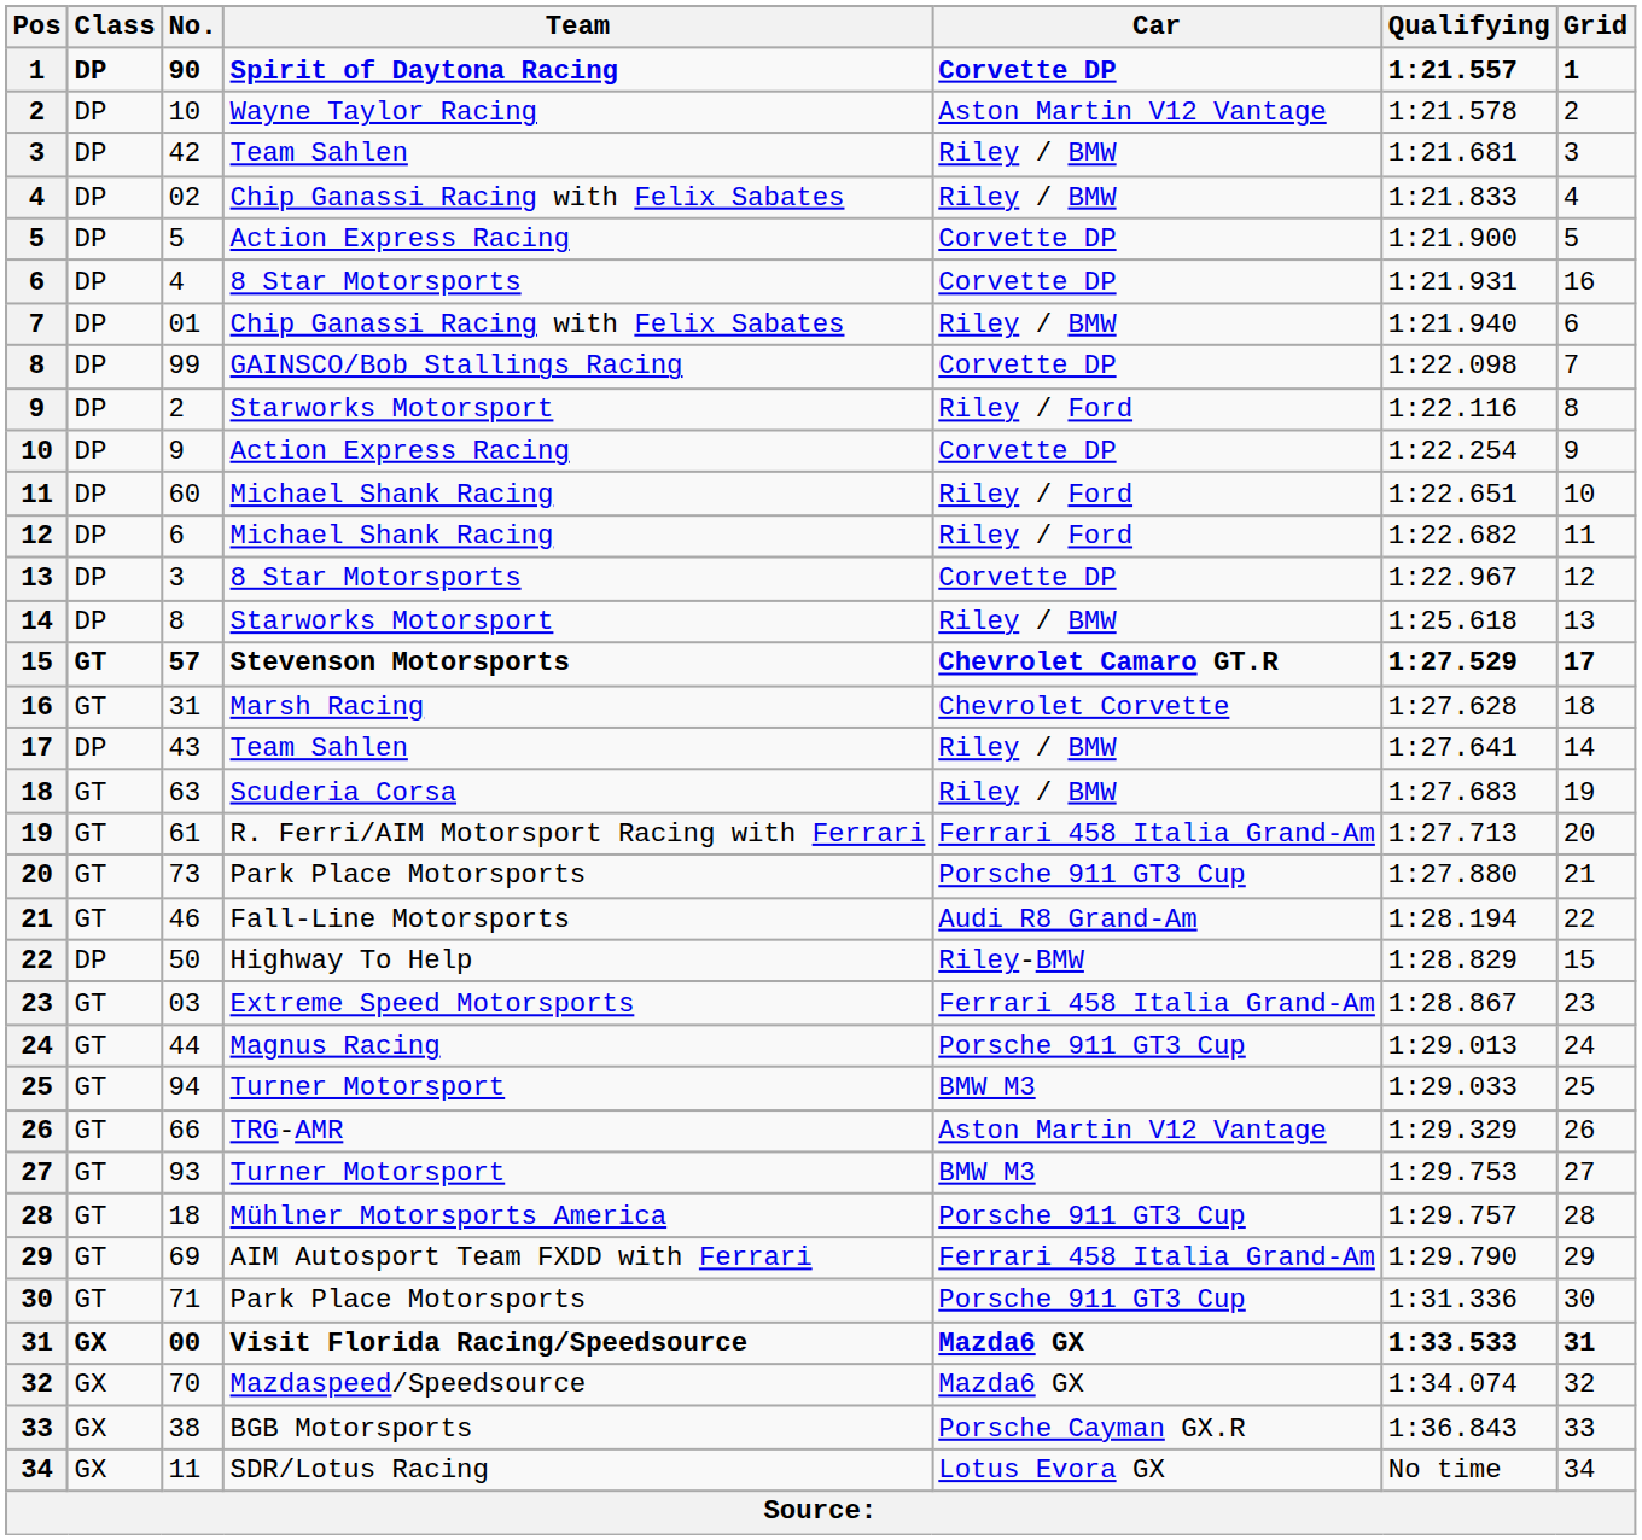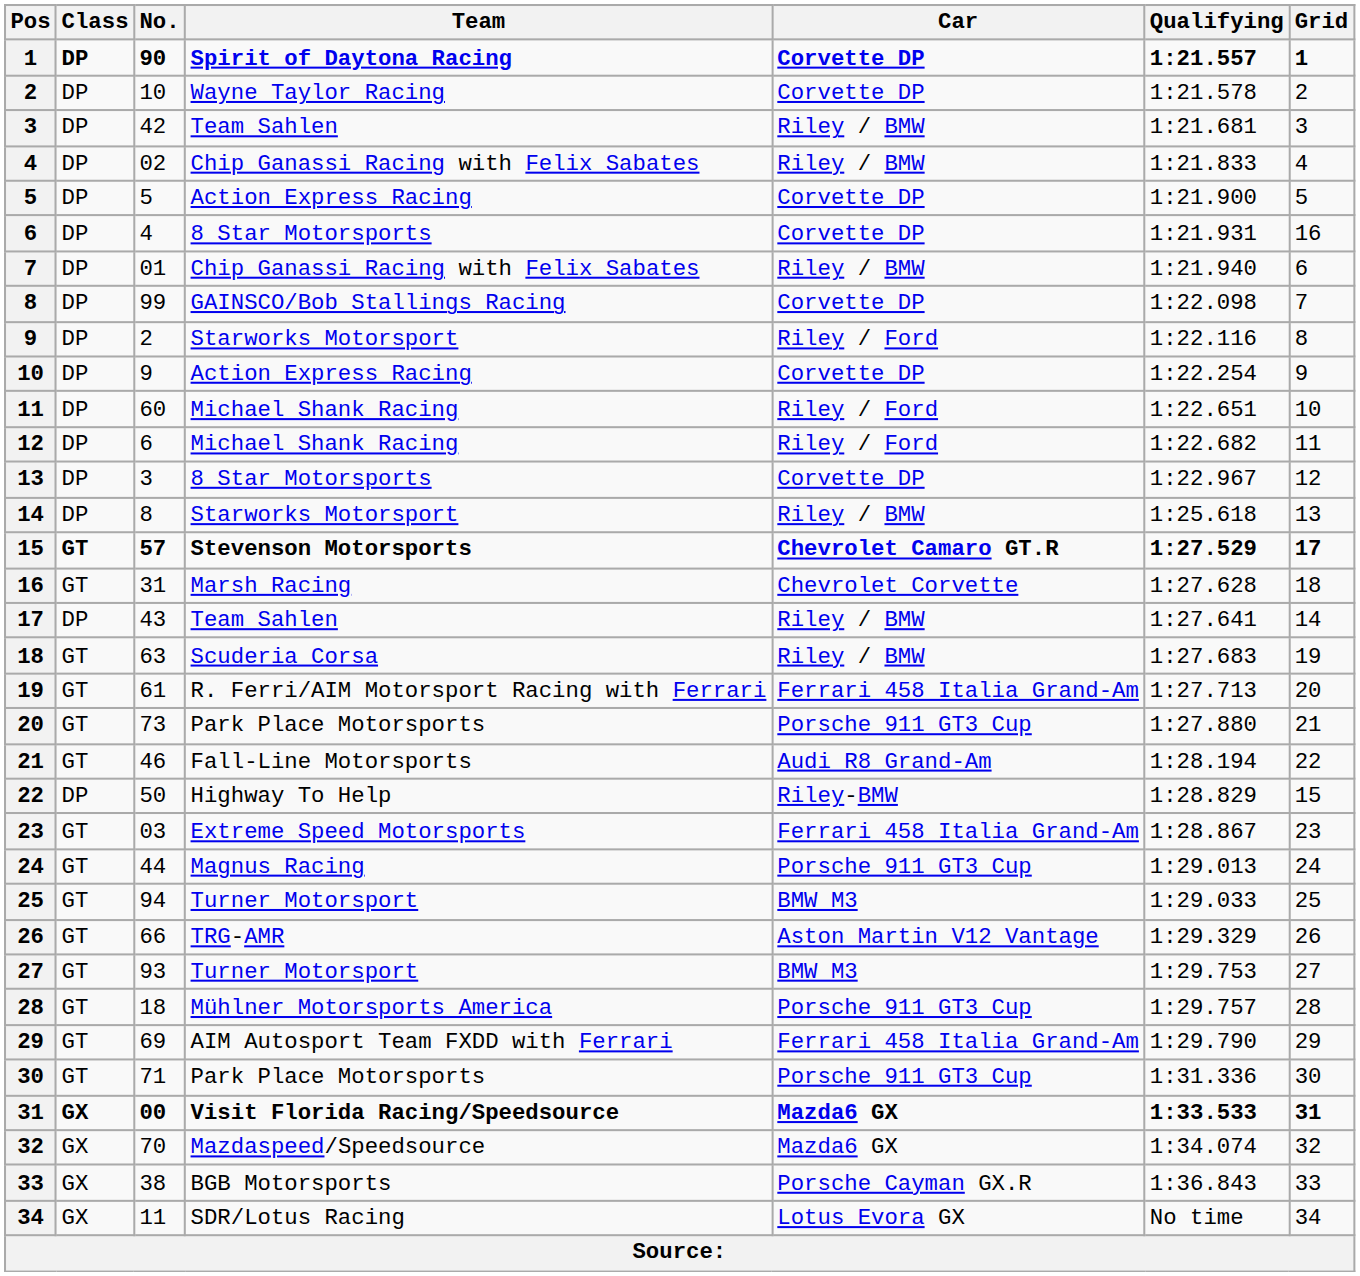 <table class="wikitable" style="font-size: 85%;">
 <tr>
 <th>Pos</th>
 <th>Class</th>
 <th>No.</th>
 <th>Team</th>
 <th>Car</th>
 <th>Qualifying</th>
 <th>Grid</th>
 </tr>
 <tr>
 <th>1</th>
 <td><strong>DP</strong></td>
 <td><strong>90</strong></td>
 <td><strong><a href='#'>Spirit of Daytona Racing</a></strong></td>
 <td><a href='#'><strong>Corvette DP</strong></a></td>
 <td><strong>1:21.557</strong></td>
 <td><strong>1</strong></td>
 </tr>
 <tr>
 <th>2</th>
 <td>DP</td>
 <td>10</td>
 <td><a href='#'>Wayne Taylor Racing</a></td>
-<td><a href='#'>Aston Martin V12 Vantage</a></td>
+<td><a href='#'>Corvette DP</a></td>
 <td>1:21.578</td>
 <td>2</td>
 </tr>
 <tr>
 <th>3</th>
 <td>DP</td>
 <td>42</td>
 <td><a href='#'>Team Sahlen</a></td>
 <td><a href='#'>Riley</a> / <a href='#'>BMW</a></td>
 <td>1:21.681</td>
 <td>3</td>
 </tr>
 <tr>
 <th>4</th>
 <td>DP</td>
 <td>02</td>
 <td><a href='#'>Chip Ganassi Racing</a> with <a href='#'>Felix Sabates</a></td>
 <td><a href='#'>Riley</a> / <a href='#'>BMW</a></td>
 <td>1:21.833</td>
 <td>4</td>
 </tr>
 <tr>
 <th>5</th>
 <td>DP</td>
 <td>5</td>
 <td><a href='#'>Action Express Racing</a></td>
 <td><a href='#'>Corvette DP</a></td>
 <td>1:21.900</td>
 <td>5</td>
 </tr>
 <tr>
 <th>6</th>
 <td>DP</td>
 <td>4</td>
 <td><a href='#'>8 Star Motorsports</a></td>
 <td><a href='#'>Corvette DP</a></td>
 <td>1:21.931</td>
 <td>16</td>
 </tr>
 <tr>
 <th>7</th>
 <td>DP</td>
 <td>01</td>
 <td><a href='#'>Chip Ganassi Racing</a> with <a href='#'>Felix Sabates</a></td>
 <td><a href='#'>Riley</a> / <a href='#'>BMW</a></td>
 <td>1:21.940</td>
 <td>6</td>
 </tr>
 <tr>
 <th>8</th>
 <td>DP</td>
 <td>99</td>
 <td><a href='#'>GAINSCO/Bob Stallings Racing</a></td>
 <td><a href='#'>Corvette DP</a></td>
 <td>1:22.098</td>
 <td>7</td>
 </tr>
 <tr>
 <th>9</th>
 <td>DP</td>
 <td>2</td>
 <td><a href='#'>Starworks Motorsport</a></td>
 <td><a href='#'>Riley</a> / <a href='#'>Ford</a></td>
 <td>1:22.116</td>
 <td>8</td>
 </tr>
 <tr>
 <th>10</th>
 <td>DP</td>
 <td>9</td>
 <td><a href='#'>Action Express Racing</a></td>
 <td><a href='#'>Corvette DP</a></td>
 <td>1:22.254</td>
 <td>9</td>
 </tr>
 <tr>
 <th>11</th>
 <td>DP</td>
 <td>60</td>
 <td><a href='#'>Michael Shank Racing</a></td>
 <td><a href='#'>Riley</a> / <a href='#'>Ford</a></td>
 <td>1:22.651</td>
 <td>10</td>
 </tr>
 <tr>
 <th>12</th>
 <td>DP</td>
 <td>6</td>
 <td><a href='#'>Michael Shank Racing</a></td>
 <td><a href='#'>Riley</a> / <a href='#'>Ford</a></td>
 <td>1:22.682</td>
 <td>11</td>
 </tr>
 <tr>
 <th>13</th>
 <td>DP</td>
 <td>3</td>
 <td><a href='#'>8 Star Motorsports</a></td>
 <td><a href='#'>Corvette DP</a></td>
 <td>1:22.967</td>
 <td>12</td>
 </tr>
 <tr>
 <th>14</th>
 <td>DP</td>
 <td>8</td>
 <td><a href='#'>Starworks Motorsport</a></td>
 <td><a href='#'>Riley</a> / <a href='#'>BMW</a></td>
 <td>1:25.618</td>
 <td>13</td>
 </tr>
 <tr>
 <th>15</th>
 <td><strong>GT</strong></td>
 <td><strong>57</strong></td>
 <td><strong>Stevenson Motorsports</strong></td>
 <td><strong><a href='#'>Chevrolet Camaro</a> GT.R</strong></td>
 <td><strong>1:27.529</strong></td>
 <td><strong>17</strong></td>
 </tr>
 <tr>
 <th>16</th>
 <td>GT</td>
 <td>31</td>
 <td><a href='#'>Marsh Racing</a></td>
 <td><a href='#'>Chevrolet Corvette</a></td>
 <td>1:27.628</td>
 <td>18</td>
 </tr>
 <tr>
 <th>17</th>
 <td>DP</td>
 <td>43</td>
 <td><a href='#'>Team Sahlen</a></td>
 <td><a href='#'>Riley</a> / <a href='#'>BMW</a></td>
 <td>1:27.641</td>
 <td>14</td>
 </tr>
 <tr>
 <th>18</th>
 <td>GT</td>
 <td>63</td>
 <td><a href='#'>Scuderia Corsa</a></td>
 <td><a href='#'>Riley</a> / <a href='#'>BMW</a></td>
 <td>1:27.683</td>
 <td>19</td>
 </tr>
 <tr>
 <th>19</th>
 <td>GT</td>
 <td>61</td>
 <td>R. Ferri/AIM Motorsport Racing with <a href='#'>Ferrari</a></td>
 <td><a href='#'>Ferrari 458 Italia Grand-Am</a></td>
 <td>1:27.713</td>
 <td>20</td>
 </tr>
 <tr>
 <th>20</th>
 <td>GT</td>
 <td>73</td>
 <td>Park Place Motorsports</td>
 <td><a href='#'>Porsche 911 GT3 Cup</a></td>
 <td>1:27.880</td>
 <td>21</td>
 </tr>
 <tr>
 <th>21</th>
 <td>GT</td>
 <td>46</td>
 <td>Fall-Line Motorsports</td>
 <td><a href='#'>Audi R8 Grand-Am</a></td>
 <td>1:28.194</td>
 <td>22</td>
 </tr>
 <tr>
 <th>22</th>
 <td>DP</td>
 <td>50</td>
 <td>Highway To Help</td>
 <td><a href='#'>Riley</a>-<a href='#'>BMW</a></td>
 <td>1:28.829</td>
 <td>15</td>
 </tr>
 <tr>
 <th>23</th>
 <td>GT</td>
 <td>03</td>
 <td><a href='#'>Extreme Speed Motorsports</a></td>
 <td><a href='#'>Ferrari 458 Italia Grand-Am</a></td>
 <td>1:28.867</td>
 <td>23</td>
 </tr>
 <tr>
 <th>24</th>
 <td>GT</td>
 <td>44</td>
 <td><a href='#'>Magnus Racing</a></td>
 <td><a href='#'>Porsche 911 GT3 Cup</a></td>
 <td>1:29.013</td>
 <td>24</td>
 </tr>
 <tr>
 <th>25</th>
 <td>GT</td>
 <td>94</td>
 <td><a href='#'>Turner Motorsport</a></td>
 <td><a href='#'>BMW M3</a></td>
 <td>1:29.033</td>
 <td>25</td>
 </tr>
 <tr>
 <th>26</th>
 <td>GT</td>
 <td>66</td>
 <td><a href='#'>TRG</a>-<a href='#'>AMR</a></td>
 <td><a href='#'>Aston Martin V12 Vantage</a></td>
 <td>1:29.329</td>
 <td>26</td>
 </tr>
 <tr>
 <th>27</th>
 <td>GT</td>
 <td>93</td>
 <td><a href='#'>Turner Motorsport</a></td>
 <td><a href='#'>BMW M3</a></td>
 <td>1:29.753</td>
 <td>27</td>
 </tr>
 <tr>
 <th>28</th>
 <td>GT</td>
 <td>18</td>
 <td><a href='#'>Mühlner Motorsports America</a></td>
 <td><a href='#'>Porsche 911 GT3 Cup</a></td>
 <td>1:29.757</td>
 <td>28</td>
 </tr>
 <tr>
 <th>29</th>
 <td>GT</td>
 <td>69</td>
 <td>AIM Autosport Team FXDD with <a href='#'>Ferrari</a></td>
 <td><a href='#'>Ferrari 458 Italia Grand-Am</a></td>
 <td>1:29.790</td>
 <td>29</td>
 </tr>
 <tr>
 <th>30</th>
 <td>GT</td>
 <td>71</td>
 <td>Park Place Motorsports</td>
 <td><a href='#'>Porsche 911 GT3 Cup</a></td>
 <td>1:31.336</td>
 <td>30</td>
 </tr>
 <tr>
 <th>31</th>
 <td><strong>GX</strong></td>
 <td><strong>00</strong></td>
 <td><strong>Visit Florida Racing/Speedsource</strong></td>
 <td><strong><a href='#'>Mazda6</a> GX</strong></td>
 <td><strong>1:33.533</strong></td>
 <td><strong>31</strong></td>
 </tr>
 <tr>
 <th>32</th>
 <td>GX</td>
 <td>70</td>
 <td><a href='#'>Mazdaspeed</a>/Speedsource</td>
 <td><a href='#'>Mazda6</a> GX</td>
 <td>1:34.074</td>
 <td>32</td>
 </tr>
 <tr>
 <th>33</th>
 <td>GX</td>
 <td>38</td>
 <td>BGB Motorsports</td>
 <td><a href='#'>Porsche Cayman</a> GX.R</td>
 <td>1:36.843</td>
 <td>33</td>
 </tr>
 <tr>
 <th>34</th>
 <td>GX</td>
 <td>11</td>
 <td>SDR/Lotus Racing</td>
 <td><a href='#'>Lotus Evora</a> GX</td>
 <td>No time</td>
 <td>34</td>
 </tr>
 <tr>
 <th colspan="7">Source:</th>
 </tr>
 </table>
